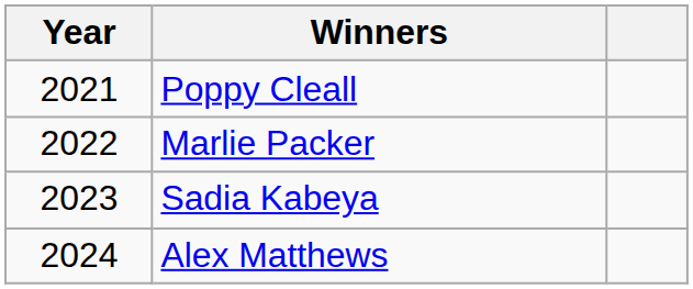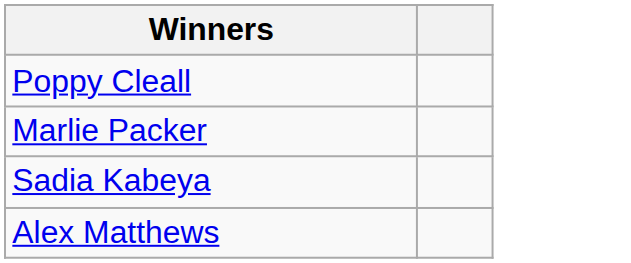 <table class="wikitable">
 <tr>
-<th width=60>Year</th>
 <th width=200>Winners</th>
 <th width=30></th>
 </tr>
 <tr>
-<td align=center>2021</td>
 <td><a href='#'>Poppy Cleall</a></td>
 <td align=center></td>
 </tr>
 <tr>
-<td align=center>2022</td>
 <td><a href='#'>Marlie Packer</a></td>
 <td align=center></td>
 </tr>
 <tr>
-<td align=center>2023</td>
 <td><a href='#'>Sadia Kabeya</a></td>
 <td align=center></td>
 </tr>
 <tr>
-<td align=center>2024</td>
 <td><a href='#'>Alex Matthews</a></td>
 <td align=center></td>
 </tr>
 </table>
